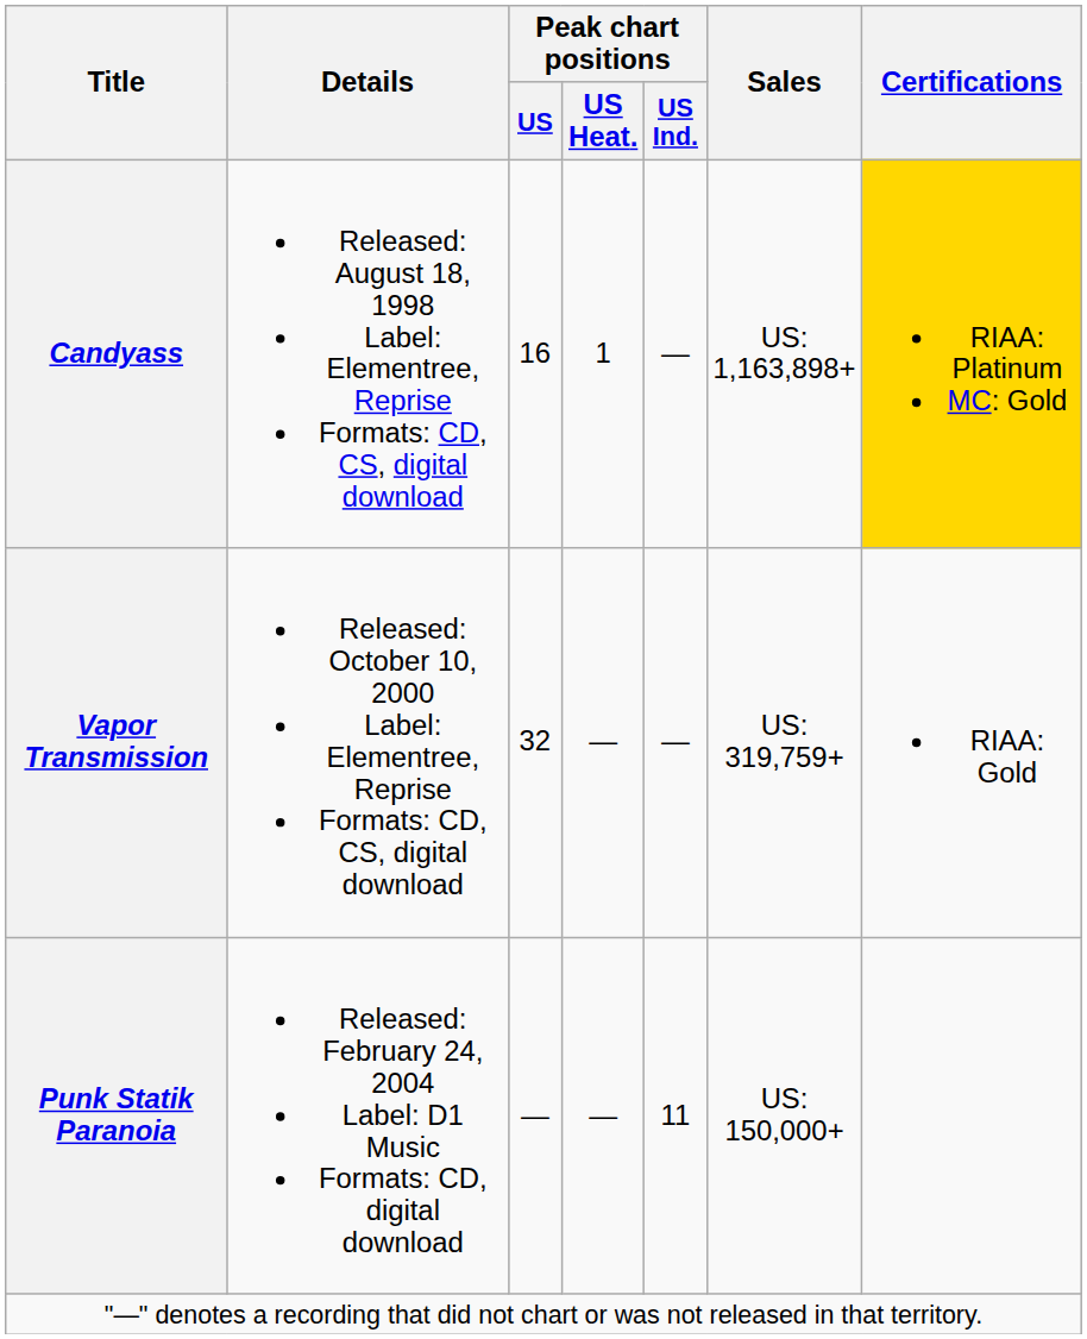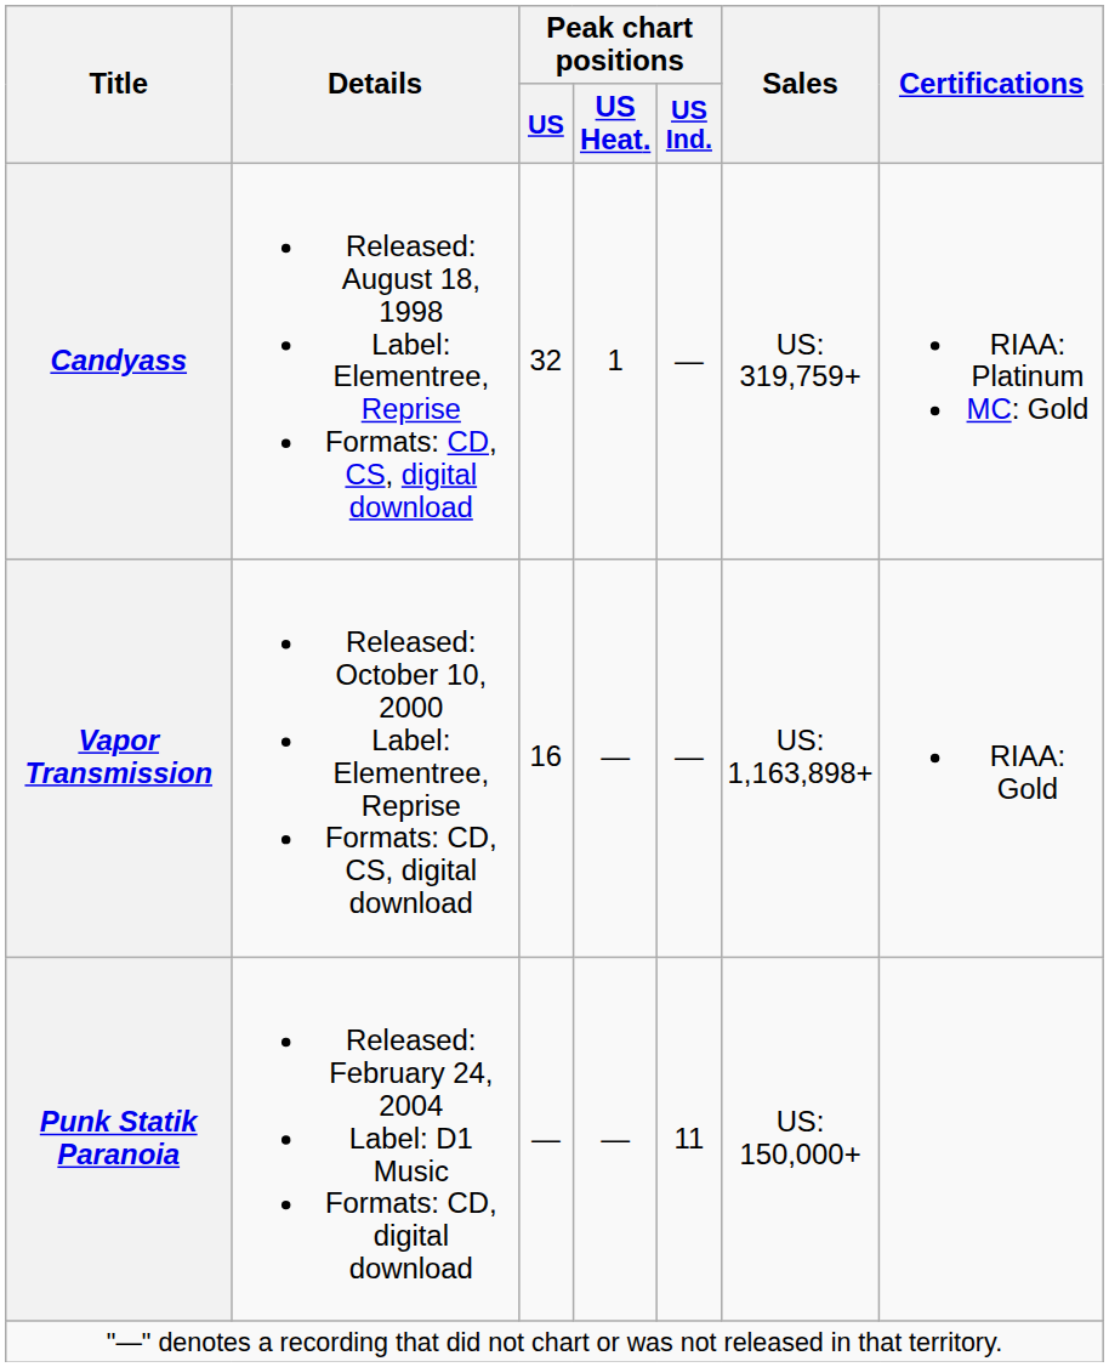 <table class="wikitable plainrowheaders" style="text-align:center;">
 <tr>
 <th scope="col" rowspan="2" style="width:12em;">Title</th>
 <th scope="col" rowspan="2" style="width:18em;">Details</th>
 <th colspan="3" scope="col">Peak chart positions</th>
 <th rowspan="2">Sales</th>
 <th scope="col" rowspan="2" style="width:12em;"><a href='#'>Certifications</a></th>
 </tr>
 <tr>
 <th scope="col" style="width:3em;font-size:90%;"><a href='#'>US</a><br></th>
 <th><strong><a href='#'>US</a></strong><br><a href='#'><strong>Heat</strong>.</a> </th>
 <th scope="col" style="width:3em;font-size:90%;"><a href='#'>US<br>Ind.</a><br></th>
 </tr>
 <tr>
 <th scope="row"><em><a href='#'>Candyass</a></em></th>
 <td><br><ul><li>Released: August 18, 1998</li><li>Label: Elementree, <a href='#'>Reprise</a></li><li>Formats: <a href='#'>CD</a>, <a href='#'>CS</a>, <a href='#'>digital download</a></li></ul></td>
-<td>16</td>
+<td>32</td>
 <td>1</td>
 <td>—</td>
-<td>US: 1,163,898+</td>
-<td style="background: gold;"><br><ul><li>RIAA: Platinum</li><li><a href='#'>MC</a>: Gold</li></ul></td>
+<td>US: 319,759+</td>
+<td><br><ul><li>RIAA: Platinum</li><li><a href='#'>MC</a>: Gold</li></ul></td>
 </tr>
 <tr>
 <th scope="row"><em><a href='#'>Vapor Transmission</a></em></th>
 <td><br><ul><li>Released: October 10, 2000</li><li>Label: Elementree, Reprise</li><li>Formats: CD, CS, digital download</li></ul></td>
-<td>32</td>
+<td>16</td>
 <td>—</td>
 <td>—</td>
-<td>US: 319,759+</td>
+<td>US: 1,163,898+</td>
 <td><br><ul><li>RIAA: Gold</li></ul></td>
 </tr>
 <tr>
 <th scope="row"><em><a href='#'>Punk Statik Paranoia</a></em></th>
 <td><br><ul><li>Released: February 24, 2004</li><li>Label: D1 Music</li><li>Formats: CD, digital download</li></ul></td>
 <td>—</td>
 <td>—</td>
 <td>11</td>
 <td>US: 150,000+</td>
 <td></td>
 </tr>
 <tr>
 <td colspan="8" style="font-size:90%">"—" denotes a recording that did not chart or was not released in that territory.</td>
 </tr>
 </table>
